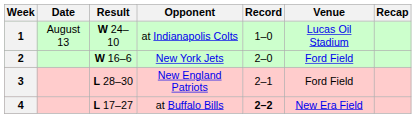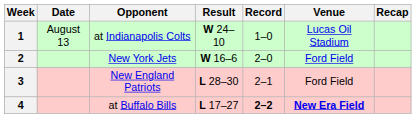 <table class="wikitable" style="text-align:center">
 <tr>
 <th>Week</th>
 <th>Date</th>
+<th>Opponent</th>
 <th>Result</th>
-<th>Opponent</th>
 <th>Record</th>
 <th>Venue</th>
 <th>Recap</th>
 </tr>
 <tr style="background:#cfc">
 <th>1</th>
 <td>August 13</td>
+<td>at <a href='#'>Indianapolis Colts</a></td>
 <td><strong>W</strong> 24–10</td>
-<td>at <a href='#'>Indianapolis Colts</a></td>
 <td>1–0</td>
 <td><a href='#'>Lucas Oil Stadium</a></td>
 <td></td>
 </tr>
 <tr style="background:#cfc">
 <th>2</th>
 <td></td>
+<td><a href='#'>New York Jets</a></td>
 <td><strong>W</strong> 16–6</td>
-<td><a href='#'>New York Jets</a></td>
 <td>2–0</td>
 <td><a href='#'>Ford Field</a></td>
 <td></td>
 </tr>
 <tr style="background:#fcc">
 <th>3</th>
 <td></td>
+<td><a href='#'>New England Patriots</a></td>
 <td><strong>L</strong> 28–30</td>
-<td><a href='#'>New England Patriots</a></td>
 <td>2–1</td>
 <td>Ford Field</td>
 <td></td>
 </tr>
 <tr style="background:#fcc">
 <th>4</th>
 <td></td>
+<td>at <a href='#'>Buffalo Bills</a></td>
 <td><strong>L</strong> 17–27</td>
-<td>at <a href='#'>Buffalo Bills</a></td>
 <td><strong>2–2</strong></td>
-<td><a href='#'>New Era Field</a></td>
+<td><strong><a href='#'>New Era Field</a></strong></td>
 <td></td>
 </tr>
 </table>
